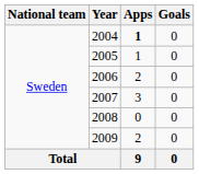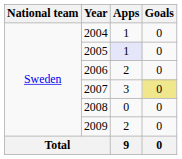 <table class="wikitable" style="text-align:center">
 <tr>
 <th>National team</th>
 <th>Year</th>
 <th>Apps</th>
 <th>Goals</th>
 </tr>
 <tr>
 <td rowspan="6"><a href='#'>Sweden</a></td>
 <td>2004</td>
-<td><strong>1</strong></td>
+<td>1</td>
 <td>0</td>
 </tr>
 <tr>
 <td>2005</td>
-<td>1</td>
+<td style="background: lavender;">1</td>
 <td>0</td>
 </tr>
 <tr>
 <td>2006</td>
 <td>2</td>
 <td>0</td>
 </tr>
 <tr>
 <td>2007</td>
 <td>3</td>
-<td>0</td>
+<td style="background: khaki;">0</td>
 </tr>
 <tr>
 <td>2008</td>
 <td>0</td>
 <td>0</td>
 </tr>
 <tr>
 <td>2009</td>
 <td>2</td>
 <td>0</td>
 </tr>
 <tr>
 <th colspan="2">Total</th>
 <th>9</th>
 <th>0</th>
 </tr>
 </table>
